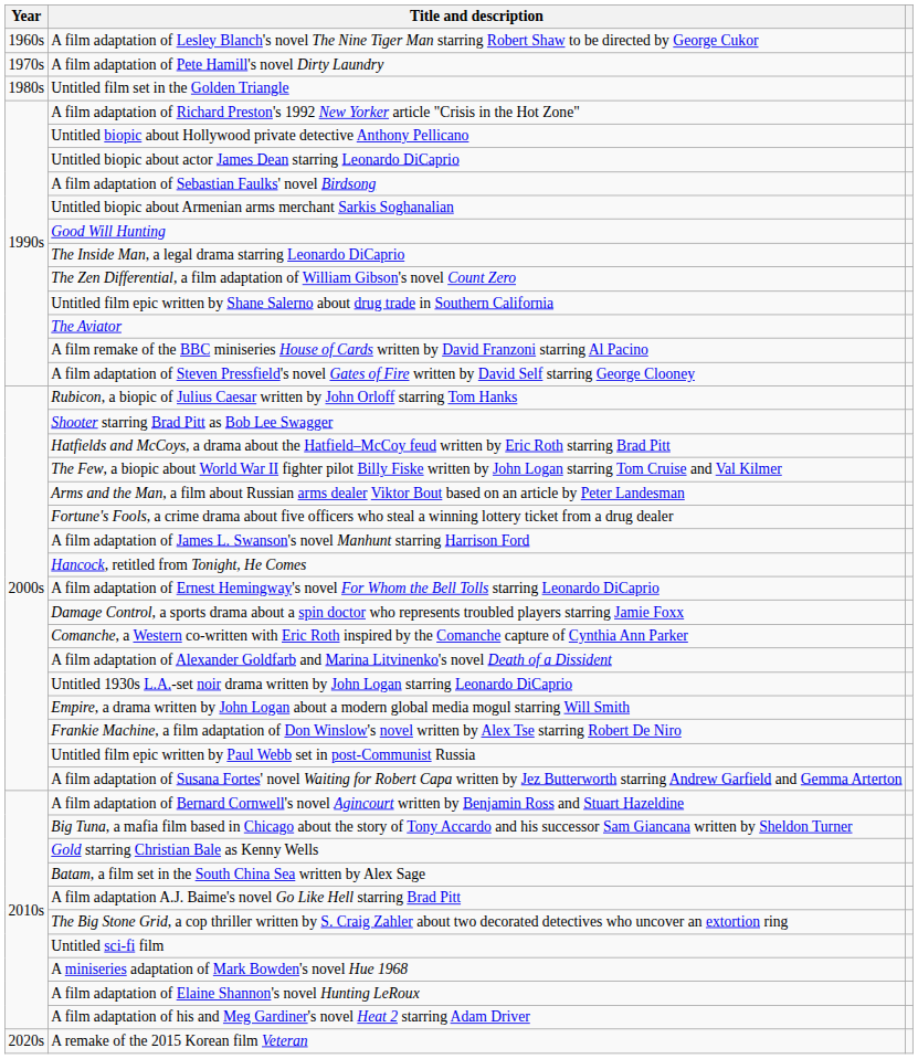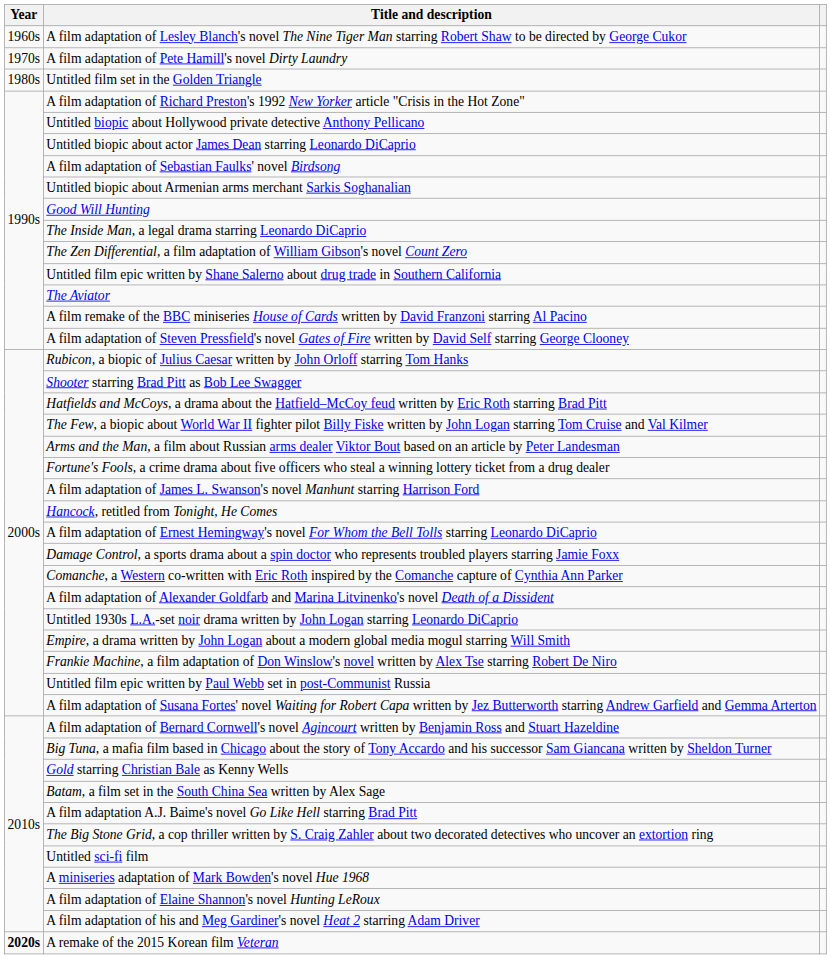 <table class="wikitable unsortable plainrowheaders">
 <tr>
 <th scope="col">Year</th>
 <th scope="col">Title and description</th>
 <th scope="col"></th>
 </tr>
 <tr>
 <td rowspan="1">1960s</td>
 <td>A film adaptation of <a href='#'>Lesley Blanch</a>'s novel <em>The Nine Tiger Man</em> starring <a href='#'>Robert Shaw</a> to be directed by <a href='#'>George Cukor</a></td>
 <td></td>
 </tr>
 <tr>
 <td rowspan="1">1970s</td>
 <td>A film adaptation of <a href='#'>Pete Hamill</a>'s novel <em>Dirty Laundry</em></td>
 <td></td>
 </tr>
 <tr>
 <td rowspan="1">1980s</td>
 <td>Untitled film set in the <a href='#'>Golden Triangle</a></td>
 <td></td>
 </tr>
 <tr>
 <td rowspan="12">1990s</td>
 <td>A  film adaptation of <a href='#'>Richard Preston</a>'s 1992 <em><a href='#'>New Yorker</a></em> article "Crisis in the Hot Zone"</td>
 <td></td>
 </tr>
 <tr>
 <td>Untitled <a href='#'>biopic</a> about Hollywood private detective <a href='#'>Anthony Pellicano</a></td>
 <td></td>
 </tr>
 <tr>
 <td>Untitled biopic about actor <a href='#'>James Dean</a> starring <a href='#'>Leonardo DiCaprio</a></td>
 <td></td>
 </tr>
 <tr>
 <td>A film adaptation of <a href='#'>Sebastian Faulks</a>' novel <em><a href='#'>Birdsong</a></em></td>
 <td></td>
 </tr>
 <tr>
 <td>Untitled biopic about Armenian arms merchant <a href='#'>Sarkis Soghanalian</a></td>
 <td></td>
 </tr>
 <tr>
 <td><em><a href='#'>Good Will Hunting</a></em></td>
 <td></td>
 </tr>
 <tr>
 <td><em>The Inside Man</em>, a legal drama starring <a href='#'>Leonardo DiCaprio</a></td>
 <td></td>
 </tr>
 <tr>
 <td><em>The Zen Differential</em>, a film adaptation of <a href='#'>William Gibson</a>'s novel <em><a href='#'>Count Zero</a></em></td>
 <td></td>
 </tr>
 <tr>
 <td>Untitled film epic written by <a href='#'>Shane Salerno</a> about <a href='#'>drug trade</a> in <a href='#'>Southern California</a></td>
 <td></td>
 </tr>
 <tr>
 <td><em><a href='#'>The Aviator</a></em></td>
 <td></td>
 </tr>
 <tr>
 <td>A film remake of the <a href='#'>BBC</a> miniseries <em><a href='#'>House of Cards</a></em> written by <a href='#'>David Franzoni</a> starring <a href='#'>Al Pacino</a></td>
 <td></td>
 </tr>
 <tr>
 <td>A film adaptation of <a href='#'>Steven Pressfield</a>'s novel <em><a href='#'>Gates of Fire</a></em> written by <a href='#'>David Self</a> starring <a href='#'>George Clooney</a></td>
 <td></td>
 </tr>
 <tr>
 <td rowspan="17">2000s</td>
 <td><em>Rubicon</em>, a biopic of <a href='#'>Julius Caesar</a> written by <a href='#'>John Orloff</a> starring <a href='#'>Tom Hanks</a></td>
 <td></td>
 </tr>
 <tr>
 <td><em><a href='#'>Shooter</a></em> starring <a href='#'>Brad Pitt</a> as <a href='#'>Bob Lee Swagger</a></td>
 <td></td>
 </tr>
 <tr>
 <td><em>Hatfields and McCoys</em>, a drama about the <a href='#'>Hatfield–McCoy feud</a> written by <a href='#'>Eric Roth</a> starring <a href='#'>Brad Pitt</a></td>
 <td></td>
 </tr>
 <tr>
 <td><em>The Few</em>, a biopic about <a href='#'>World War II</a> fighter pilot <a href='#'>Billy Fiske</a> written by <a href='#'>John Logan</a> starring <a href='#'>Tom Cruise</a> and <a href='#'>Val Kilmer</a></td>
 <td></td>
 </tr>
 <tr>
 <td><em>Arms and the Man</em>, a film about Russian <a href='#'>arms dealer</a> <a href='#'>Viktor Bout</a> based on an article by <a href='#'>Peter Landesman</a></td>
 <td></td>
 </tr>
 <tr>
 <td><em>Fortune's Fools</em>, a crime drama about five officers who steal a winning lottery ticket from a drug dealer</td>
 <td></td>
 </tr>
 <tr>
 <td>A film adaptation of <a href='#'>James L. Swanson</a>'s novel <em>Manhunt</em> starring <a href='#'>Harrison Ford</a></td>
 <td></td>
 </tr>
 <tr>
 <td><em><a href='#'>Hancock</a></em>, retitled from <em>Tonight, He Comes</em></td>
 <td></td>
 </tr>
 <tr>
 <td>A film adaptation of <a href='#'>Ernest Hemingway</a>'s novel <em><a href='#'>For Whom the Bell Tolls</a></em> starring <a href='#'>Leonardo DiCaprio</a></td>
 <td></td>
 </tr>
 <tr>
 <td><em>Damage Control</em>, a sports drama about a <a href='#'>spin doctor</a> who represents troubled players starring <a href='#'>Jamie Foxx</a></td>
 <td></td>
 </tr>
 <tr>
 <td><em>Comanche</em>, a <a href='#'>Western</a> co-written with <a href='#'>Eric Roth</a> inspired by the <a href='#'>Comanche</a> capture of <a href='#'>Cynthia Ann Parker</a></td>
 <td></td>
 </tr>
 <tr>
 <td>A film adaptation of <a href='#'>Alexander Goldfarb</a> and <a href='#'>Marina Litvinenko</a>'s novel <em><a href='#'>Death of a Dissident</a></em></td>
 <td></td>
 </tr>
 <tr>
 <td>Untitled 1930s <a href='#'>L.A.</a>-set <a href='#'>noir</a> drama written by <a href='#'>John Logan</a> starring <a href='#'>Leonardo DiCaprio</a></td>
 <td></td>
 </tr>
 <tr>
 <td><em>Empire</em>, a drama written by <a href='#'>John Logan</a> about a modern global media mogul starring <a href='#'>Will Smith</a></td>
 <td></td>
 </tr>
 <tr>
 <td><em>Frankie Machine</em>, a film adaptation of <a href='#'>Don Winslow</a>'s <a href='#'>novel</a> written by <a href='#'>Alex Tse</a> starring <a href='#'>Robert De Niro</a></td>
 <td></td>
 </tr>
 <tr>
 <td>Untitled film epic written by <a href='#'>Paul Webb</a> set in <a href='#'>post-Communist</a> Russia</td>
 <td></td>
 </tr>
 <tr>
 <td>A film adaptation of <a href='#'>Susana Fortes</a>' novel <em>Waiting for Robert Capa</em> written by <a href='#'>Jez Butterworth</a> starring <a href='#'>Andrew Garfield</a>  and <a href='#'>Gemma Arterton</a></td>
 <td></td>
 </tr>
 <tr>
 <td rowspan="10">2010s</td>
 <td>A film adaptation of <a href='#'>Bernard Cornwell</a>'s novel <em><a href='#'>Agincourt</a></em> written by <a href='#'>Benjamin Ross</a> and <a href='#'>Stuart Hazeldine</a></td>
 <td></td>
 </tr>
 <tr>
 <td><em>Big Tuna</em>, a mafia film based in <a href='#'>Chicago</a> about the story of <a href='#'>Tony Accardo</a> and his successor <a href='#'>Sam Giancana</a> written by <a href='#'>Sheldon Turner</a></td>
 <td></td>
 </tr>
 <tr>
 <td><em><a href='#'>Gold</a></em> starring <a href='#'>Christian Bale</a> as Kenny Wells</td>
 <td></td>
 </tr>
 <tr>
 <td><em>Batam</em>, a film set in the <a href='#'>South China Sea</a> written by Alex Sage</td>
 <td></td>
 </tr>
 <tr>
 <td>A film adaptation A.J. Baime's novel <em>Go Like Hell</em> starring <a href='#'>Brad Pitt</a></td>
 <td></td>
 </tr>
 <tr>
 <td><em>The Big Stone Grid</em>, a cop thriller written by <a href='#'>S. Craig Zahler</a> about two decorated detectives who uncover an <a href='#'>extortion</a> ring</td>
 <td></td>
 </tr>
 <tr>
 <td>Untitled <a href='#'>sci-fi</a> film</td>
 <td></td>
 </tr>
 <tr>
 <td>A <a href='#'>miniseries</a> adaptation of <a href='#'>Mark Bowden</a>'s novel <em>Hue 1968</em></td>
 <td></td>
 </tr>
 <tr>
 <td>A film adaptation of <a href='#'>Elaine Shannon</a>'s novel <em>Hunting LeRoux</em></td>
 <td></td>
 </tr>
 <tr>
 <td>A film adaptation of his and <a href='#'>Meg Gardiner</a>'s novel <em><a href='#'>Heat 2</a></em> starring <a href='#'>Adam Driver</a></td>
 <td></td>
 </tr>
 <tr>
-<td rowspan="1">2020s</td>
+<td rowspan="1"><strong>2020s</strong></td>
 <td>A remake of the 2015 Korean film <em><a href='#'>Veteran</a></em></td>
 <td></td>
 </tr>
 </table>
